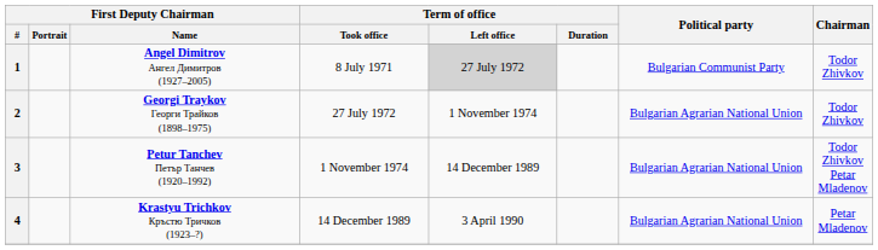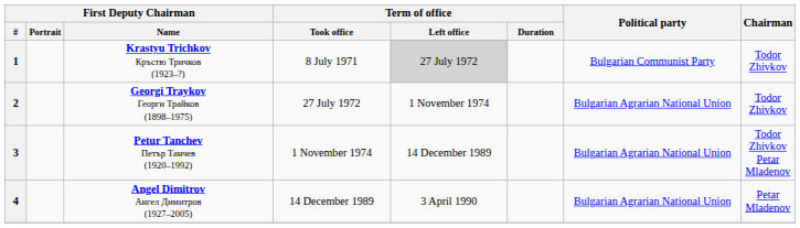 <table class="wikitable" style="text-align:center; width:90%">
 <tr>
 <th width=35% colspan=3>First Deputy Chairman</th>
 <th width=40% colspan=3>Term of office</th>
 <th width=25% rowspan=2>Political party</th>
 <th width=25% rowspan=2>Chairman</th>
 </tr>
 <tr>
 <th width=3%><small>#</small></th>
 <th><small>Portrait</small></th>
 <th width=30%><small>Name</small></th>
 <th><small>Took office</small></th>
 <th><small>Left office</small></th>
 <th><small>Duration</small></th>
 </tr>
 <tr>
 <th style="background:">1</th>
 <td></td>
-<td><strong><a href='#'>Angel Dimitrov</a></strong><br><small>Ангел Димитров<br>(1927–2005)</small></td>
+<td><strong><a href='#'>Krastyu Trichkov</a></strong><br><small>Кръстю Тричков<br>(1923–?)</small></td>
 <td>8 July 1971</td>
 <td style="background: lightgrey;">27 July 1972</td>
 <td></td>
 <td><a href='#'>Bulgarian Communist Party</a></td>
 <td><a href='#'>Todor Zhivkov</a></td>
 </tr>
 <tr>
 <th style="background:">2</th>
 <td></td>
 <td><strong><a href='#'>Georgi Traykov</a></strong><br><small>Георги Трайков<br>(1898–1975)</small></td>
 <td>27 July 1972</td>
 <td>1 November 1974</td>
 <td></td>
 <td><a href='#'>Bulgarian Agrarian National Union</a></td>
 <td><a href='#'>Todor Zhivkov</a></td>
 </tr>
 <tr>
 <th style="background:">3</th>
 <td></td>
 <td><strong><a href='#'>Petur Tanchev</a></strong><br><small>Петър Танчев<br>(1920–1992)</small></td>
 <td>1 November 1974</td>
 <td>14 December 1989</td>
 <td></td>
 <td><a href='#'>Bulgarian Agrarian National Union</a></td>
 <td><a href='#'>Todor Zhivkov</a><br><a href='#'>Petar Mladenov</a></td>
 </tr>
 <tr>
 <th style="background:">4</th>
 <td></td>
-<td><strong><a href='#'>Krastyu Trichkov</a></strong><br><small>Кръстю Тричков<br>(1923–?)</small></td>
+<td><strong><a href='#'>Angel Dimitrov</a></strong><br><small>Ангел Димитров<br>(1927–2005)</small></td>
 <td>14 December 1989</td>
 <td>3 April 1990</td>
 <td></td>
 <td><a href='#'>Bulgarian Agrarian National Union</a></td>
 <td><a href='#'>Petar Mladenov</a></td>
 </tr>
 <tr>
 </tr>
 </table>
